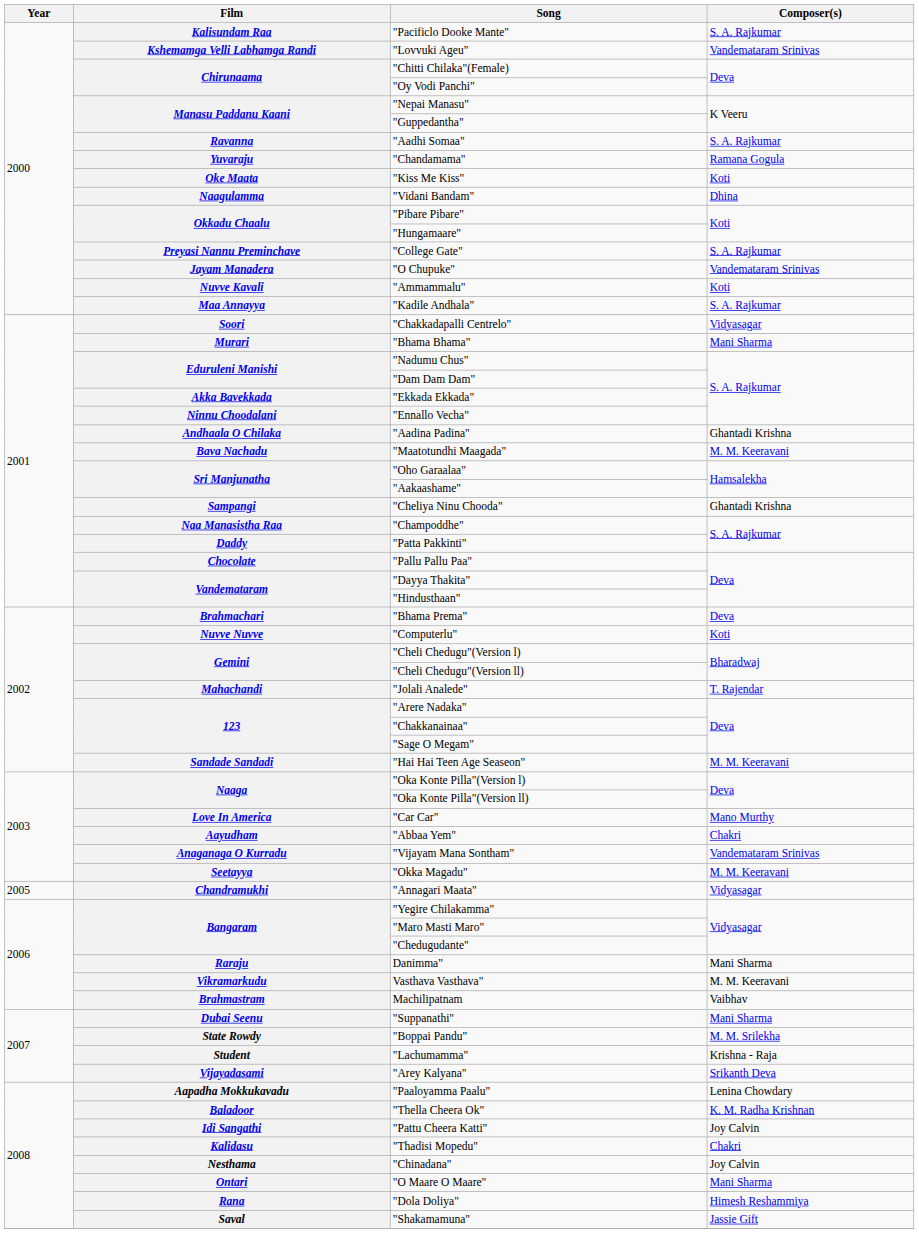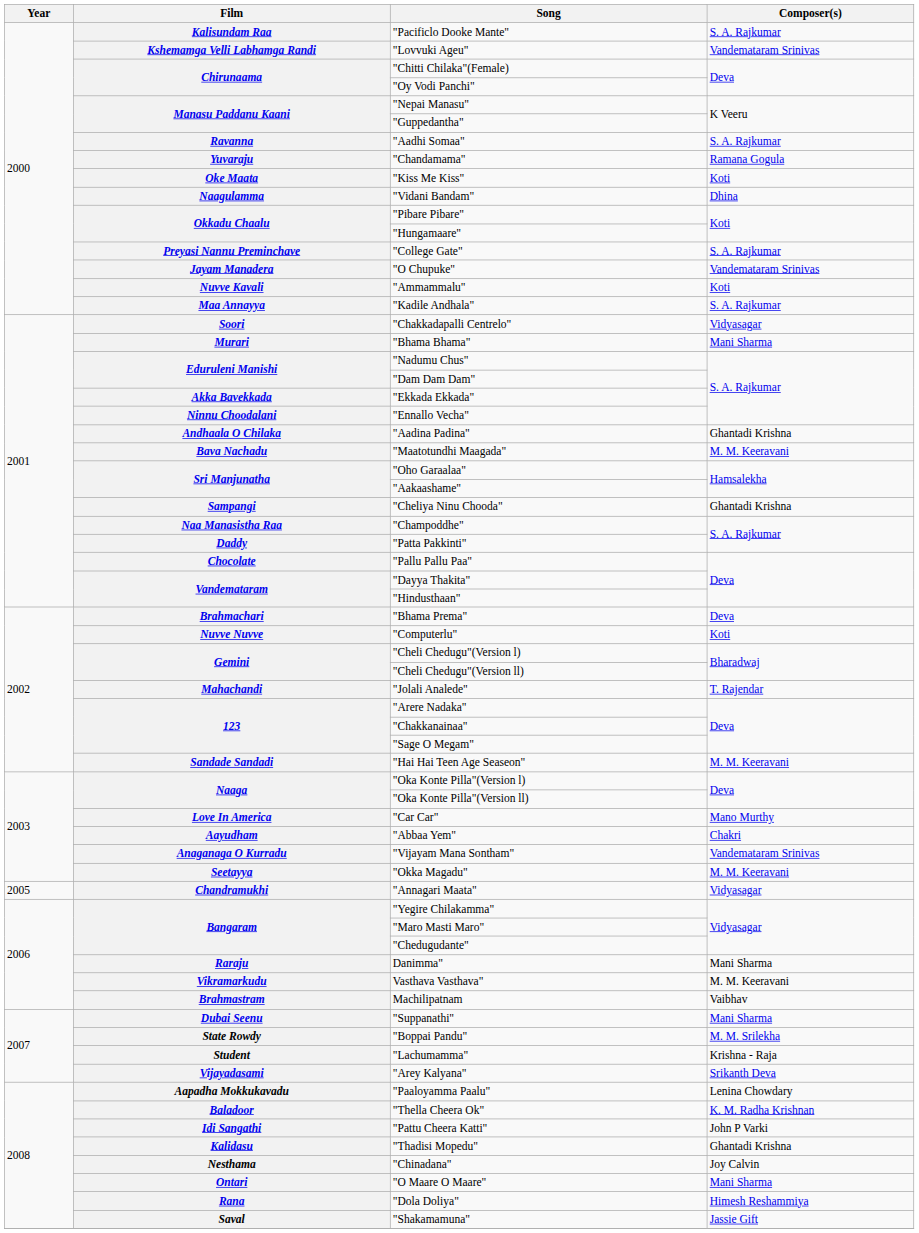 <table class="wikitable plainrowheaders" width="100%" textcolor:#000;">
 <tr style="background:#b0e0e66;">
 <th scope="col" width=5%><strong>Year</strong></th>
 <th scope="col" width=23%><strong>Film</strong></th>
 <th scope="col" width=23%><strong>Song</strong></th>
 <th scope="col" width=15%><strong>Composer(s)</strong></th>
 </tr>
 <tr>
 <td rowspan="16">2000</td>
 <th><em><a href='#'>Kalisundam Raa</a></em></th>
 <td>"Pacificlo Dooke Mante"</td>
 <td><a href='#'>S. A. Rajkumar</a></td>
 </tr>
 <tr>
 <th><em><a href='#'>Kshemamga Velli Labhamga Randi</a></em></th>
 <td>"Lovvuki Ageu"</td>
 <td><a href='#'>Vandemataram Srinivas</a></td>
 </tr>
 <tr>
 <th rowspan="2"><em><a href='#'>Chirunaama</a></em></th>
 <td>"Chitti Chilaka"(Female)</td>
 <td rowspan="2"><a href='#'>Deva</a></td>
 </tr>
 <tr>
 <td>"Oy Vodi Panchi"</td>
 </tr>
 <tr>
 <th rowspan="2"><a href='#'><em>Manasu Paddanu Kaani</em></a></th>
 <td>"Nepai Manasu"</td>
 <td rowspan="2">K Veeru</td>
 </tr>
 <tr>
 <td>"Guppedantha"</td>
 </tr>
 <tr>
 <th><a href='#'><em>Ravanna</em></a></th>
 <td>"Aadhi Somaa"</td>
 <td><a href='#'>S. A. Rajkumar</a></td>
 </tr>
 <tr>
 <th><em><a href='#'>Yuvaraju</a></em></th>
 <td>"Chandamama"</td>
 <td><a href='#'>Ramana Gogula</a></td>
 </tr>
 <tr>
 <th><em><a href='#'>Oke Maata</a></em></th>
 <td>"Kiss Me Kiss"</td>
 <td><a href='#'>Koti</a></td>
 </tr>
 <tr>
 <th><em><a href='#'>Naagulamma</a></em></th>
 <td>"Vidani Bandam"</td>
 <td><a href='#'>Dhina</a></td>
 </tr>
 <tr>
 <th rowspan="2"><a href='#'><em>Okkadu Chaalu</em></a></th>
 <td>"Pibare Pibare"</td>
 <td rowspan="2"><a href='#'>Koti</a></td>
 </tr>
 <tr>
 <td>"Hungamaare"</td>
 </tr>
 <tr>
 <th><a href='#'><em>Preyasi Nannu Preminchave</em></a></th>
 <td>"College Gate"</td>
 <td><a href='#'>S. A. Rajkumar</a></td>
 </tr>
 <tr>
 <th><em><a href='#'>Jayam Manadera</a></em></th>
 <td>"O Chupuke"</td>
 <td><a href='#'>Vandemataram Srinivas</a></td>
 </tr>
 <tr>
 <th><em><a href='#'>Nuvve Kavali</a></em></th>
 <td>"Ammammalu"</td>
 <td><a href='#'>Koti</a></td>
 </tr>
 <tr>
 <th><em><a href='#'>Maa Annayya</a></em></th>
 <td>"Kadile Andhala"</td>
 <td><a href='#'>S. A. Rajkumar</a></td>
 </tr>
 <tr>
 <td rowspan="16">2001</td>
 <th><a href='#'><em>Soori</em></a></th>
 <td>"Chakkadapalli Centrelo"</td>
 <td><a href='#'>Vidyasagar</a></td>
 </tr>
 <tr>
 <th><a href='#'><em>Murari</em></a></th>
 <td>"Bhama Bhama"</td>
 <td><a href='#'>Mani Sharma</a></td>
 </tr>
 <tr>
 <th rowspan="2"><em><a href='#'>Eduruleni Manishi</a></em></th>
 <td>"Nadumu Chus"</td>
 <td rowspan="4"><a href='#'>S. A. Rajkumar</a></td>
 </tr>
 <tr>
 <td>"Dam Dam Dam"</td>
 </tr>
 <tr>
 <th><a href='#'><em>Akka Bavekkada</em></a></th>
 <td>"Ekkada Ekkada"</td>
 </tr>
 <tr>
 <th><em><a href='#'>Ninnu Choodalani</a></em></th>
 <td>"Ennallo Vecha"</td>
 </tr>
 <tr>
 <th><a href='#'><em>Andhaala O Chilaka</em></a></th>
 <td>"Aadina Padina"</td>
 <td>Ghantadi Krishna</td>
 </tr>
 <tr>
 <th><em><a href='#'>Bava Nachadu</a></em></th>
 <td>"Maatotundhi Maagada"</td>
 <td><a href='#'>M. M. Keeravani</a></td>
 </tr>
 <tr>
 <th rowspan="2"><a href='#'><em>Sri Manjunatha</em></a></th>
 <td>"Oho Garaalaa"</td>
 <td rowspan="2"><a href='#'>Hamsalekha</a></td>
 </tr>
 <tr>
 <td>"Aakaashame"</td>
 </tr>
 <tr>
 <th><em><a href='#'>Sampangi</a></em></th>
 <td>"Cheliya Ninu Chooda"</td>
 <td>Ghantadi Krishna</td>
 </tr>
 <tr>
 <th><a href='#'><em>Naa Manasistha Raa</em></a></th>
 <td>"Champoddhe"</td>
 <td rowspan="2"><a href='#'>S. A. Rajkumar</a></td>
 </tr>
 <tr>
 <th><em><a href='#'>Daddy</a></em></th>
 <td>"Patta Pakkinti"</td>
 </tr>
 <tr>
 <th><em><a href='#'>Chocolate</a></em></th>
 <td>"Pallu Pallu Paa"</td>
 <td rowspan="3"><a href='#'>Deva</a></td>
 </tr>
 <tr>
 <th rowspan="2"><em><a href='#'>Vandemataram</a></em></th>
 <td>"Dayya Thakita"</td>
 </tr>
 <tr>
 <td>"Hindusthaan"</td>
 </tr>
 <tr>
 <td rowspan="9">2002</td>
 <th><em><a href='#'>Brahmachari</a></em></th>
 <td>"Bhama Prema"</td>
 <td><a href='#'>Deva</a></td>
 </tr>
 <tr>
 <th><em><a href='#'>Nuvve Nuvve</a></em></th>
 <td>"Computerlu"</td>
 <td><a href='#'>Koti</a></td>
 </tr>
 <tr>
 <th rowspan="2"><em><a href='#'>Gemini</a></em></th>
 <td>"Cheli Chedugu"(Version l)</td>
 <td rowspan="2"><a href='#'>Bharadwaj</a></td>
 </tr>
 <tr>
 <td>"Cheli Chedugu"(Version ll)</td>
 </tr>
 <tr>
 <th><em><a href='#'>Mahachandi</a></em></th>
 <td>"Jolali Analede"</td>
 <td><a href='#'>T. Rajendar</a></td>
 </tr>
 <tr>
 <th rowspan="3"><em><a href='#'>123</a></em></th>
 <td>"Arere Nadaka"</td>
 <td rowspan="3"><a href='#'>Deva</a></td>
 </tr>
 <tr>
 <td>"Chakkanainaa"</td>
 </tr>
 <tr>
 <td>"Sage O Megam"</td>
 </tr>
 <tr>
 <th><em><a href='#'>Sandade Sandadi</a></em></th>
 <td>"Hai Hai Teen Age Seaseon"</td>
 <td><a href='#'>M. M. Keeravani</a></td>
 </tr>
 <tr>
 <td rowspan="6">2003</td>
 <th rowspan="2"><em><a href='#'>Naaga</a></em></th>
 <td>"Oka Konte Pilla"(Version l)</td>
 <td rowspan="2"><a href='#'>Deva</a></td>
 </tr>
 <tr>
 <td>"Oka Konte Pilla"(Version ll)</td>
 </tr>
 <tr>
 <th><a href='#'><em>Love In America</em></a></th>
 <td>"Car Car"</td>
 <td><a href='#'>Mano Murthy</a></td>
 </tr>
 <tr>
 <th><a href='#'><em>Aayudham</em></a></th>
 <td>"Abbaa Yem"</td>
 <td><a href='#'>Chakri</a></td>
 </tr>
 <tr>
 <th><a href='#'><em>Anaganaga O Kurradu</em></a></th>
 <td>"Vijayam Mana Sontham"</td>
 <td><a href='#'>Vandemataram Srinivas</a></td>
 </tr>
 <tr>
 <th><em><a href='#'>Seetayya</a></em></th>
 <td>"Okka Magadu"</td>
 <td><a href='#'>M. M. Keeravani</a></td>
 </tr>
 <tr>
 <td>2005</td>
 <th><em><a href='#'>Chandramukhi</a></em></th>
 <td>"Annagari Maata"</td>
 <td><a href='#'>Vidyasagar</a></td>
 </tr>
 <tr>
 <td rowspan="6">2006</td>
 <th rowspan="3"><a href='#'><em>Bangaram</em></a></th>
 <td>"Yegire Chilakamma"</td>
 <td rowspan="3"><a href='#'>Vidyasagar</a></td>
 </tr>
 <tr>
 <td>"Maro Masti Maro"</td>
 </tr>
 <tr>
 <td>"Chedugudante"</td>
 </tr>
 <tr>
 <th><em><a href='#'>Raraju</a></em></th>
 <td>Danimma"</td>
 <td>Mani Sharma</td>
 </tr>
 <tr>
 <th><em><a href='#'>Vikramarkudu</a></em></th>
 <td>Vasthava Vasthava"</td>
 <td>M. M. Keeravani</td>
 </tr>
 <tr>
 <th><em><a href='#'>Brahmastram</a></em></th>
 <td>Machilipatnam</td>
 <td>Vaibhav</td>
 </tr>
 <tr>
 <td rowspan="4">2007</td>
 <th><em><a href='#'>Dubai Seenu</a></em></th>
 <td>"Suppanathi"</td>
 <td><a href='#'>Mani Sharma</a></td>
 </tr>
 <tr>
 <th><em>State Rowdy</em></th>
 <td>"Boppai Pandu"</td>
 <td><a href='#'>M. M. Srilekha</a></td>
 </tr>
 <tr>
 <th><em>Student</em></th>
 <td>"Lachumamma"</td>
 <td>Krishna - Raja</td>
 </tr>
 <tr>
 <th><a href='#'><em>Vijayadasami</em></a></th>
 <td>"Arey Kalyana"</td>
 <td><a href='#'>Srikanth Deva</a></td>
 </tr>
 <tr>
 <td rowspan="8">2008</td>
 <th><em>Aapadha Mokkukavadu</em></th>
 <td>"Paaloyamma Paalu"</td>
 <td>Lenina Chowdary</td>
 </tr>
 <tr>
 <th><em><a href='#'>Baladoor</a></em></th>
 <td>"Thella Cheera Ok"</td>
 <td><a href='#'>K. M. Radha Krishnan</a></td>
 </tr>
 <tr>
 <th><em><a href='#'>Idi Sangathi</a></em></th>
 <td>"Pattu Cheera Katti"</td>
-<td>Joy Calvin</td>
+<td>John P Varki</td>
 </tr>
 <tr>
 <th><em><a href='#'>Kalidasu</a></em></th>
 <td>"Thadisi Mopedu"</td>
-<td><a href='#'>Chakri</a></td>
+<td>Ghantadi Krishna</td>
 </tr>
 <tr>
 <th><em>Nesthama</em></th>
 <td>"Chinadana"</td>
 <td>Joy Calvin</td>
 </tr>
 <tr>
 <th><a href='#'><em>Ontari</em></a></th>
 <td>"O Maare O Maare"</td>
 <td><a href='#'>Mani Sharma</a></td>
 </tr>
 <tr>
 <th><em><a href='#'>Rana</a></em></th>
 <td>"Dola Doliya"</td>
 <td><a href='#'>Himesh Reshammiya</a></td>
 </tr>
 <tr>
 <th><em>Saval</em></th>
 <td>"Shakamamuna"</td>
 <td><a href='#'>Jassie Gift</a></td>
 </tr>
 <tr>
 </tr>
 </table>
